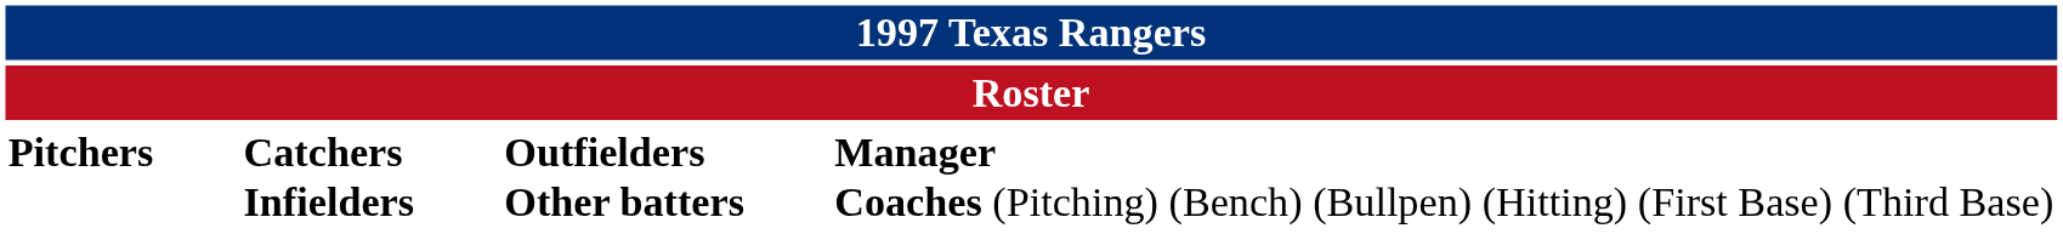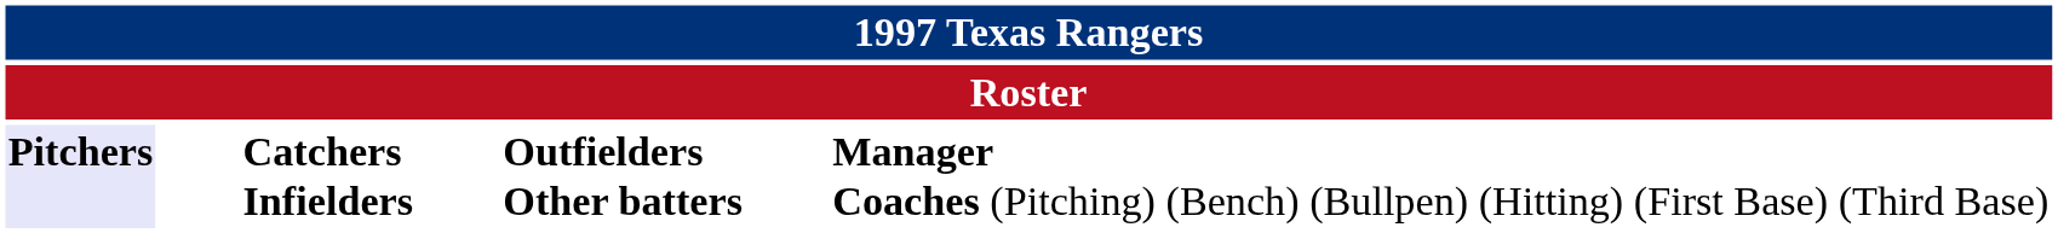 <table class="toccolours" style="font-size: 95%;">
 <tr>
 <th colspan="10" style="background-color: #003279; color: #FFFFFF; text-align: center;">1997 Texas Rangers</th>
 </tr>
 <tr>
 <td colspan="10" style="background-color: #bd1021; color: white; text-align: center;"><strong>Roster</strong></td>
 </tr>
 <tr>
-<td valign="top"><strong>Pitchers</strong><br>                   </td>
+<td valign="top" style="background: lavender;"><strong>Pitchers</strong><br>                   </td>
 <td width="25px"></td>
 <td valign="top"><strong>Catchers</strong><br>    <strong>Infielders</strong>          </td>
 <td width="25px"></td>
 <td valign="top"><strong>Outfielders</strong><br>         <strong>Other batters</strong> </td>
 <td width="25px"></td>
 <td valign="top"><strong>Manager</strong><br> <strong>Coaches</strong>  (Pitching)  (Bench)  (Bullpen)  (Hitting)  (First Base)  (Third Base)</td>
 </tr>
 </table>
